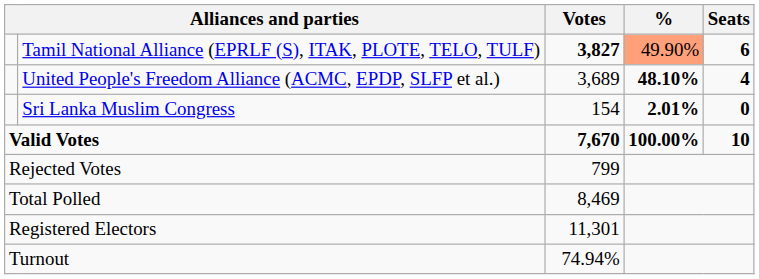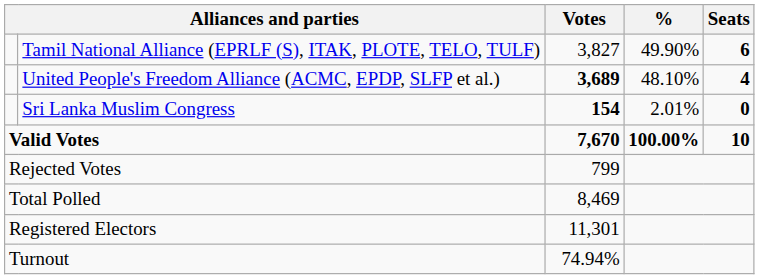 <table class="wikitable" border="1" style="text-align:right;">
 <tr>
 <th valign=bottom align=left colspan=2>Alliances and parties</th>
 <th valign=bottom align=center width="60">Votes</th>
 <th valign=bottom align=center width="50">%</th>
 <th valign=bottom align=center>Seats</th>
 </tr>
 <tr>
 <td bgcolor=> </td>
 <td align=left><a href='#'>Tamil National Alliance</a> (<a href='#'>EPRLF (S)</a>, <a href='#'>ITAK</a>, <a href='#'>PLOTE</a>, <a href='#'>TELO</a>, <a href='#'>TULF</a>)</td>
-<td><strong>3,827</strong></td>
-<td style="background: lightsalmon;">49.90%</td>
+<td>3,827</td>
+<td>49.90%</td>
 <td><strong>6</strong></td>
 </tr>
 <tr>
 <td bgcolor=> </td>
 <td align=left><a href='#'>United People's Freedom Alliance</a> (<a href='#'>ACMC</a>, <a href='#'>EPDP</a>, <a href='#'>SLFP</a> et al.)</td>
-<td>3,689</td>
-<td><strong>48.10%</strong></td>
+<td><strong>3,689</strong></td>
+<td>48.10%</td>
 <td><strong>4</strong></td>
 </tr>
 <tr>
 <td bgcolor=> </td>
 <td align=left><a href='#'>Sri Lanka Muslim Congress</a></td>
-<td>154</td>
-<td><strong>2.01%</strong></td>
+<td><strong>154</strong></td>
+<td>2.01%</td>
 <td><strong>0</strong></td>
 </tr>
 <tr>
 <td colspan=2 align=left><strong>Valid Votes</strong></td>
 <td><strong>7,670</strong></td>
 <td><strong>100.00%</strong></td>
 <td><strong>10</strong></td>
 </tr>
 <tr>
 <td colspan=2 align=left>Rejected Votes</td>
 <td>799</td>
 <td colspan=2></td>
 </tr>
 <tr>
 <td colspan=2 align=left>Total Polled</td>
 <td>8,469</td>
 <td colspan=2></td>
 </tr>
 <tr>
 <td colspan=2 align=left>Registered Electors</td>
 <td>11,301</td>
 <td colspan=2></td>
 </tr>
 <tr>
 <td colspan=2 align=left>Turnout</td>
 <td>74.94%</td>
 <td colspan=2></td>
 </tr>
 </table>
